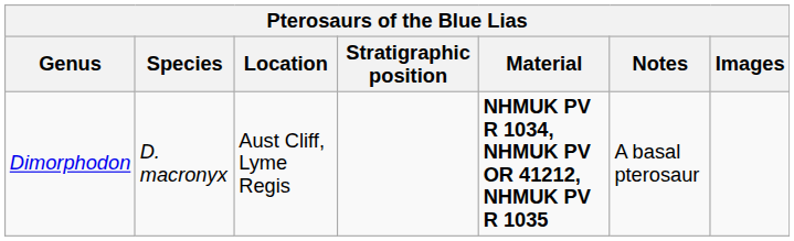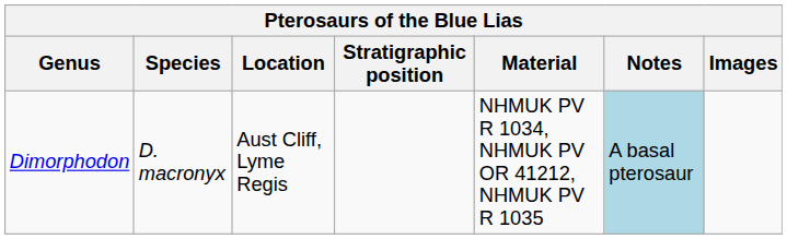 <table class="wikitable" align="center" width="100%">
 <tr>
 <th colspan="7" align="center"><strong>Pterosaurs of the Blue Lias</strong></th>
 </tr>
 <tr>
 <th>Genus</th>
 <th>Species</th>
 <th>Location</th>
 <th>Stratigraphic position</th>
 <th>Material</th>
 <th>Notes</th>
 <th>Images</th>
 </tr>
 <tr>
 <td><em><a href='#'>Dimorphodon</a></em></td>
 <td><em>D. macronyx</em></td>
 <td>Aust Cliff, Lyme Regis</td>
 <td></td>
-<td><strong>NHMUK PV R 1034, NHMUK PV OR 41212, NHMUK PV R 1035</strong></td>
-<td>A basal pterosaur</td>
+<td>NHMUK PV R 1034, NHMUK PV OR 41212, NHMUK PV R 1035</td>
+<td style="background: lightblue;">A basal pterosaur</td>
 <td></td>
 </tr>
 </table>
